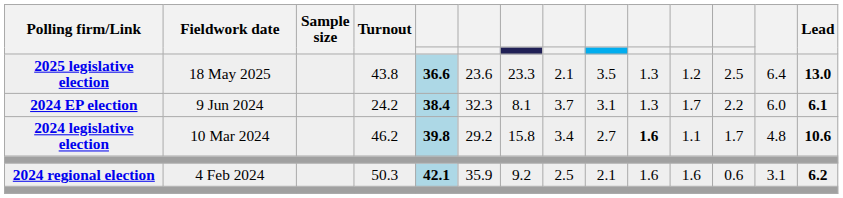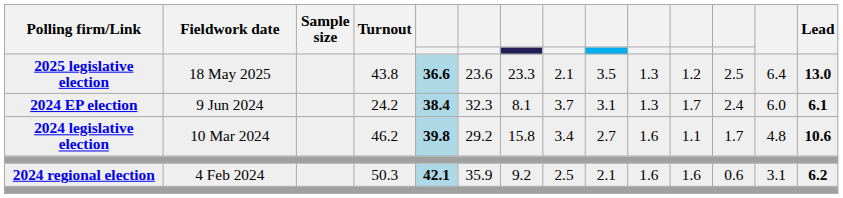 <table class="wikitable collapsible sortable" style="text-align:center; font-size:95%; line-height:16px;">
 <tr style="height:42px;">
 <th style="width:150px;" rowspan="2">Polling firm/Link</th>
 <th style="width:125px;" rowspan="2">Fieldwork date</th>
 <th class="unsortable" style="width:50px;" rowspan="2">Sample size</th>
 <th class="unsortable" style="width:45px;" rowspan="2">Turnout</th>
 <th class="unsortable" style="width:35px;"></th>
 <th class="unsortable" style="width:35px;"></th>
 <th class="unsortable" style="width:35px;" class="unsortable" style="width:35px;"></th>
 <th class="unsortable" style="width:35px;"></th>
 <th class="unsortable" style="width:35px;"></th>
 <th class="unsortable" style="width:35px;"></th>
 <th class="sortable" style="width:35px;"></th>
 <th class="sortable" style="width:35px;"></th>
 <th class="unsortable" style="width:35px;" rowspan="2"></th>
 <th class="unsortable" style="width:30px;" rowspan="2">Lead</th>
 </tr>
 <tr>
 <th class="unsortable" style="color:inherit;background:"></th>
 <th class="unsortable" style="color:inherit;background:"></th>
 <th class="unsortable" style="color:inherit;background:#202056;"></th>
 <th class="unsortable" style="color:inherit;background:"></th>
 <th class="unsortable" style="color:inherit;background:#00ADEF;"></th>
 <th class="unsortable" style="color:inherit;background:"></th>
 <th class="sortable" style="color:inherit;background:"></th>
 <th class="sortable" style="color:inherit;background:"></th>
 </tr>
 <tr style="background:#EFEFEF;">
 <td><a href='#'><strong>2025 legislative election</strong></a></td>
 <td data-sort-value="2025-05-18">18 May 2025</td>
 <td></td>
 <td>43.8</td>
 <td style="background:lightblue"><strong>36.6</strong><br></td>
 <td>23.6<br></td>
 <td>23.3<br></td>
 <td>2.1<br></td>
 <td>3.5<br></td>
 <td>1.3<br></td>
 <td>1.2<br></td>
 <td>2.5<br></td>
 <td>6.4<br></td>
 <td style="background:"><strong>13.0</strong></td>
 </tr>
 <tr style="background:#EFEFEF;">
 <td><strong><a href='#'>2024 EP election</a></strong></td>
 <td data-sort-value="2024-06-09">9 Jun 2024</td>
 <td></td>
 <td>24.2</td>
 <td style="background:lightblue"><strong>38.4</strong><br></td>
 <td>32.3<br></td>
 <td>8.1<br></td>
 <td>3.7<br></td>
 <td>3.1<br></td>
 <td>1.3<br></td>
 <td>1.7<br></td>
-<td>2.2<br></td>
+<td>2.4<br></td>
 <td>6.0<br></td>
 <td style="background:"><strong>6.1</strong></td>
 </tr>
 <tr style="background:#EFEFEF;">
 <td><a href='#'><strong>2024 legislative election</strong></a></td>
 <td data-sort-value="2024-03-10">10 Mar 2024</td>
 <td></td>
 <td>46.2</td>
 <td style="background:lightblue"><strong>39.8</strong><br></td>
 <td>29.2<br></td>
 <td>15.8<br></td>
 <td>3.4<br></td>
 <td>2.7<br></td>
-<td><strong>1.6<br></strong></td>
+<td>1.6<br></td>
 <td>1.1<br></td>
 <td>1.7<br></td>
 <td>4.8<br></td>
 <td style="background:"><strong>10.6</strong></td>
 </tr>
 <tr>
 <td colspan="18" style="background:#A0A0A0"></td>
 </tr>
 <tr style="background:#EFEFEF;">
 <td><strong><a href='#'>2024 regional election</a></strong></td>
 <td data-sort-value="2024-02-04">4 Feb 2024</td>
 <td></td>
 <td>50.3</td>
 <td style="background:lightblue"><strong>42.1</strong><br></td>
 <td>35.9<br></td>
 <td>9.2<br></td>
 <td>2.5<br></td>
 <td>2.1<br></td>
 <td>1.6<br></td>
 <td>1.6<br></td>
 <td>0.6<br></td>
 <td>3.1<br></td>
 <td style="background:"><strong>6.2</strong></td>
 </tr>
 <tr>
 <td colspan="18" style="background:#A0A0A0"></td>
 </tr>
 </table>
